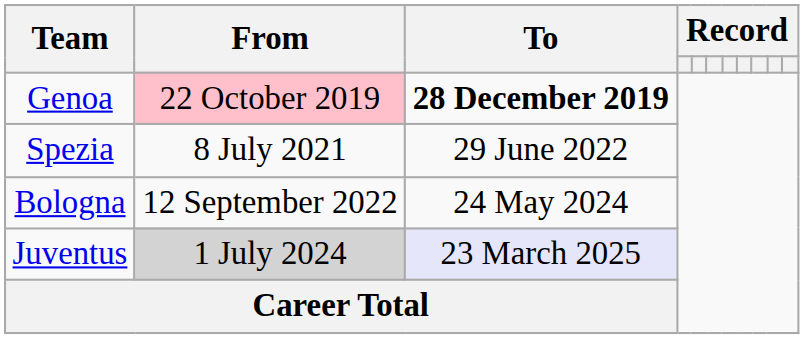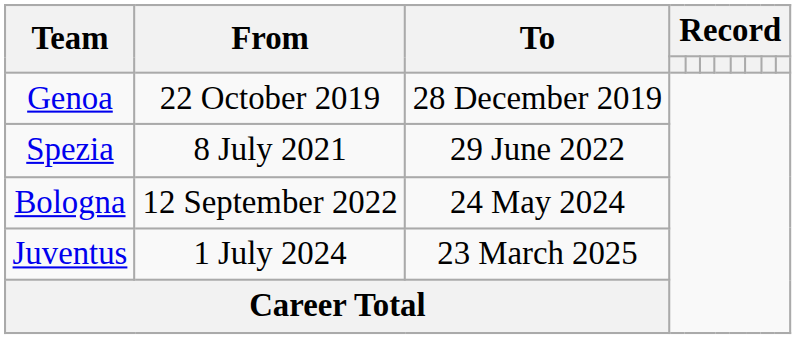 <table class="wikitable" style="text-align: center">
 <tr>
 <th rowspan=2>Team</th>
 <th rowspan=2>From</th>
 <th rowspan=2>To</th>
 <th colspan=8>Record</th>
 </tr>
 <tr>
 <th></th>
 <th></th>
 <th></th>
 <th></th>
 <th></th>
 <th></th>
 <th></th>
 <th></th>
 </tr>
 <tr>
 <td><a href='#'>Genoa</a></td>
-<td style="background: pink;">22 October 2019</td>
-<td><strong>28 December 2019<br></strong></td>
+<td>22 October 2019</td>
+<td>28 December 2019<br></td>
 </tr>
 <tr>
 <td><a href='#'>Spezia</a></td>
 <td>8 July 2021</td>
 <td>29 June 2022<br></td>
 </tr>
 <tr>
 <td><a href='#'>Bologna</a></td>
 <td>12 September 2022</td>
 <td>24 May 2024<br></td>
 </tr>
 <tr>
 <td><a href='#'>Juventus</a></td>
-<td style="background: lightgrey;">1 July 2024</td>
-<td style="background: lavender;">23 March 2025<br></td>
+<td>1 July 2024</td>
+<td>23 March 2025<br></td>
 </tr>
 <tr>
 <th colspan=3>Career Total<br></th>
 </tr>
 </table>
